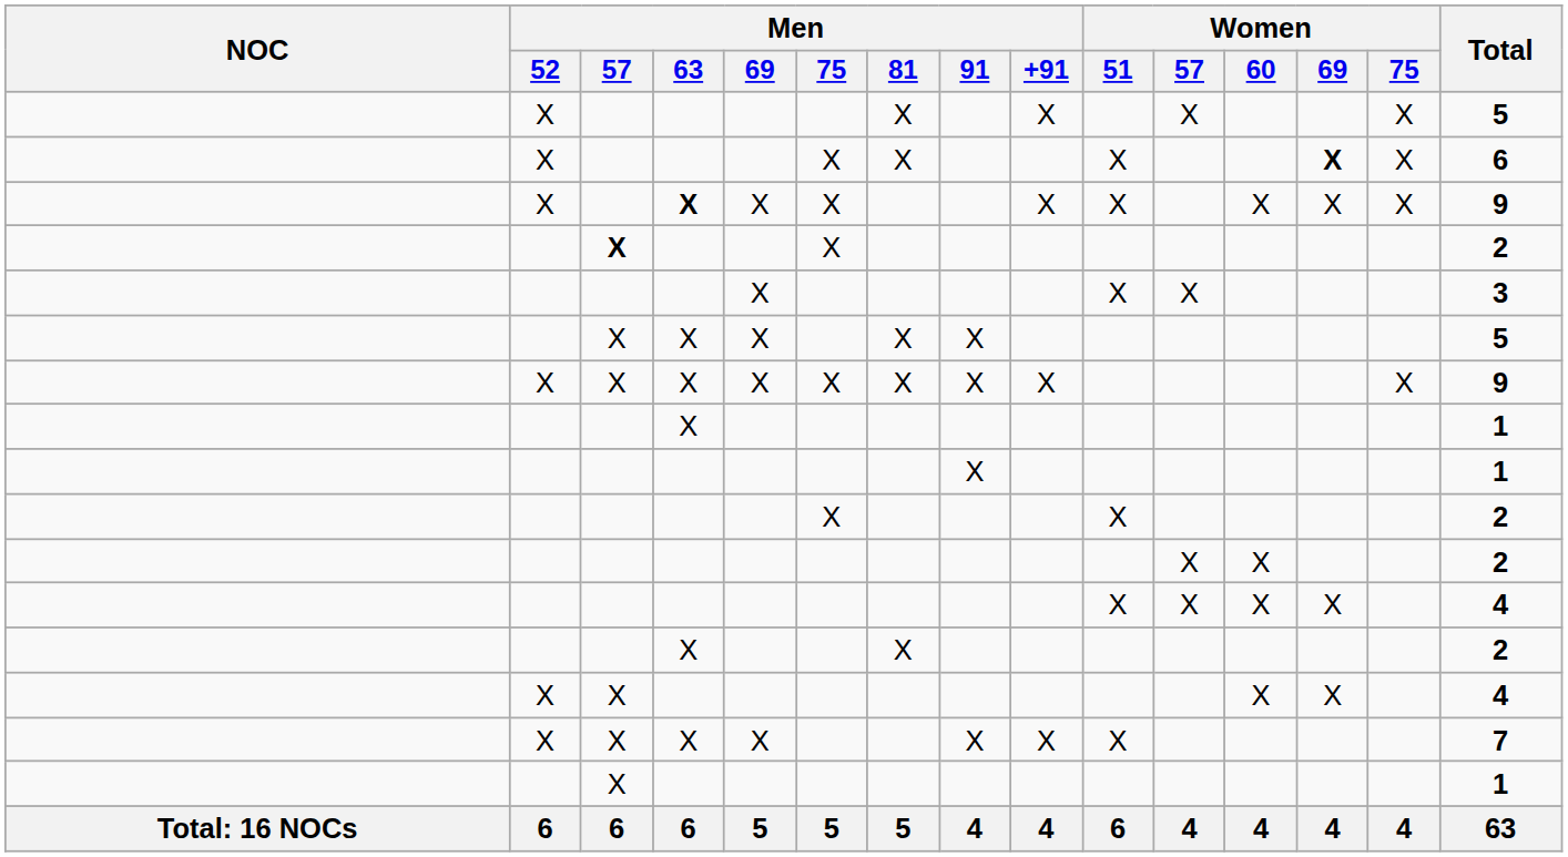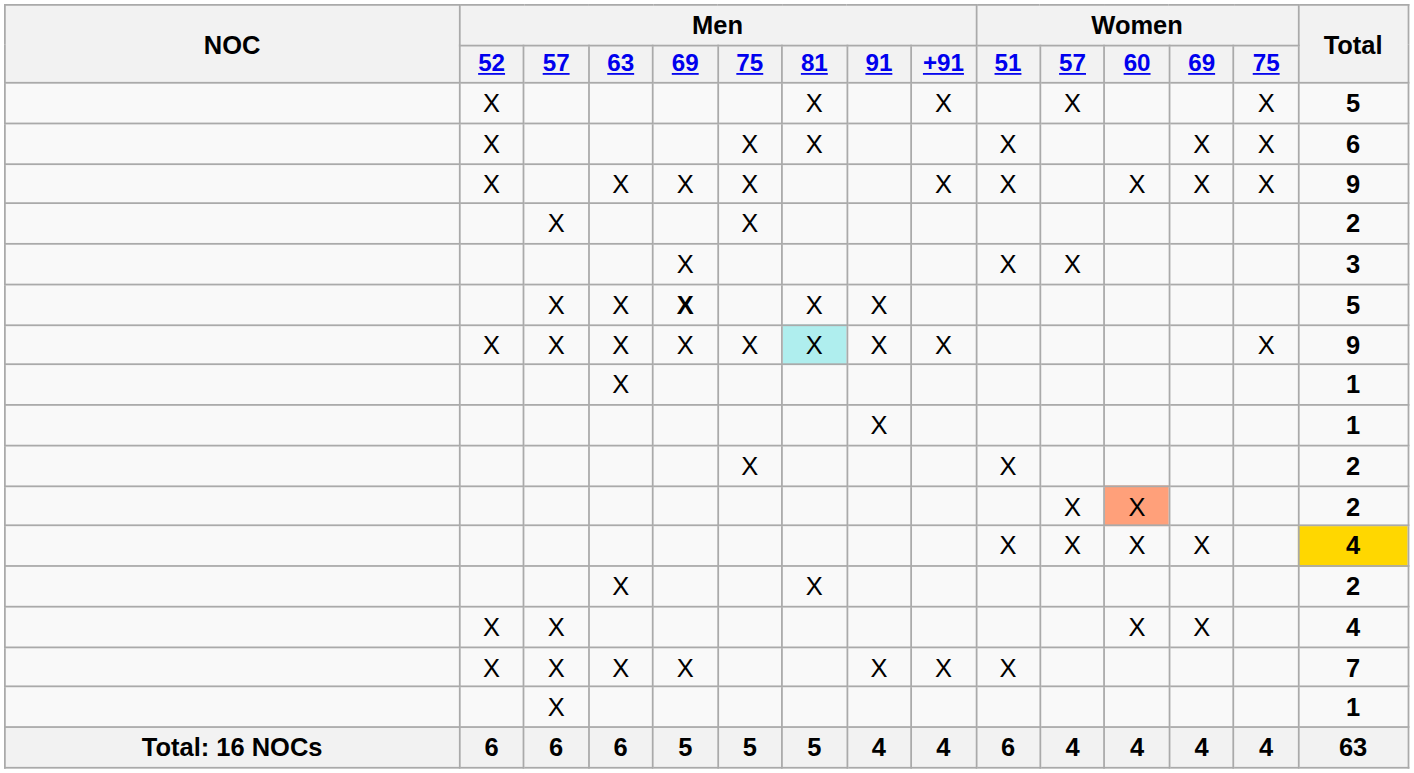 <table class="wikitable" style="text-align:center; font-size:90%">
 <tr>
 <th rowspan=2 width=250>NOC</th>
 <th colspan=8>Men</th>
 <th colspan=5>Women</th>
 <th rowspan=2 width=55>Total</th>
 </tr>
 <tr style="font-size: 95%">
 <th width=30><a href='#'>52</a></th>
 <th width=30><a href='#'>57</a></th>
 <th width=30><a href='#'>63</a></th>
 <th width=30><a href='#'>69</a></th>
 <th width=30><a href='#'>75</a></th>
 <th width=30><a href='#'>81</a></th>
 <th width=30><a href='#'>91</a></th>
 <th width=30><a href='#'>+91</a></th>
 <th width=30><a href='#'>51</a></th>
 <th width=30><a href='#'>57</a></th>
 <th width=30><a href='#'>60</a></th>
 <th width=30><a href='#'>69</a></th>
 <th width=30><a href='#'>75</a></th>
 </tr>
 <tr>
 <td align=left></td>
 <td>X</td>
 <td></td>
 <td></td>
 <td></td>
 <td></td>
 <td>X</td>
 <td></td>
 <td>X</td>
 <td></td>
 <td>X</td>
 <td></td>
 <td></td>
 <td>X</td>
 <td><strong>5</strong></td>
 </tr>
 <tr>
 <td align=left></td>
 <td>X</td>
 <td></td>
 <td></td>
 <td></td>
 <td>X</td>
 <td>X</td>
 <td></td>
 <td></td>
 <td>X</td>
 <td></td>
 <td></td>
-<td><strong>X</strong></td>
+<td>X</td>
 <td>X</td>
 <td><strong>6</strong></td>
 </tr>
 <tr>
 <td align=left></td>
 <td>X</td>
 <td></td>
-<td><strong>X</strong></td>
+<td>X</td>
 <td>X</td>
 <td>X</td>
 <td></td>
 <td></td>
 <td>X</td>
 <td>X</td>
 <td></td>
 <td>X</td>
 <td>X</td>
 <td>X</td>
 <td><strong>9</strong></td>
 </tr>
 <tr>
 <td align=left></td>
 <td></td>
-<td><strong>X</strong></td>
+<td>X</td>
 <td></td>
 <td></td>
 <td>X</td>
 <td></td>
 <td></td>
 <td></td>
 <td></td>
 <td></td>
 <td></td>
 <td></td>
 <td></td>
 <td><strong>2</strong></td>
 </tr>
 <tr>
 <td align=left></td>
 <td></td>
 <td></td>
 <td></td>
 <td>X</td>
 <td></td>
 <td></td>
 <td></td>
 <td></td>
 <td>X</td>
 <td>X</td>
 <td></td>
 <td></td>
 <td></td>
 <td><strong>3</strong></td>
 </tr>
 <tr>
 <td align=left></td>
 <td></td>
 <td>X</td>
 <td>X</td>
-<td>X</td>
+<td><strong>X</strong></td>
 <td></td>
 <td>X</td>
 <td>X</td>
 <td></td>
 <td></td>
 <td></td>
 <td></td>
 <td></td>
 <td></td>
 <td><strong>5</strong></td>
 </tr>
 <tr>
 <td align=left></td>
 <td>X</td>
 <td>X</td>
 <td>X</td>
 <td>X</td>
 <td>X</td>
-<td>X</td>
+<td style="background: paleturquoise;">X</td>
 <td>X</td>
 <td>X</td>
 <td></td>
 <td></td>
 <td></td>
 <td></td>
 <td>X</td>
 <td><strong>9</strong></td>
 </tr>
 <tr>
 <td align=left></td>
 <td></td>
 <td></td>
 <td>X</td>
 <td></td>
 <td></td>
 <td></td>
 <td></td>
 <td></td>
 <td></td>
 <td></td>
 <td></td>
 <td></td>
 <td></td>
 <td><strong>1</strong></td>
 </tr>
 <tr>
 <td align=left></td>
 <td></td>
 <td></td>
 <td></td>
 <td></td>
 <td></td>
 <td></td>
 <td>X</td>
 <td></td>
 <td></td>
 <td></td>
 <td></td>
 <td></td>
 <td></td>
 <td><strong>1</strong></td>
 </tr>
 <tr>
 <td align=left></td>
 <td></td>
 <td></td>
 <td></td>
 <td></td>
 <td>X</td>
 <td></td>
 <td></td>
 <td></td>
 <td>X</td>
 <td></td>
 <td></td>
 <td></td>
 <td></td>
 <td><strong>2</strong></td>
 </tr>
 <tr>
 <td align=left></td>
 <td></td>
 <td></td>
 <td></td>
 <td></td>
 <td></td>
 <td></td>
 <td></td>
 <td></td>
 <td></td>
 <td>X</td>
-<td>X</td>
+<td style="background: lightsalmon;">X</td>
 <td></td>
 <td></td>
 <td><strong>2</strong></td>
 </tr>
 <tr>
 <td align=left></td>
 <td></td>
 <td></td>
 <td></td>
 <td></td>
 <td></td>
 <td></td>
 <td></td>
 <td></td>
 <td>X</td>
 <td>X</td>
 <td>X</td>
 <td>X</td>
 <td></td>
-<td><strong>4</strong></td>
+<td style="background: gold;"><strong>4</strong></td>
 </tr>
 <tr>
 <td align=left></td>
 <td></td>
 <td></td>
 <td>X</td>
 <td></td>
 <td></td>
 <td>X</td>
 <td></td>
 <td></td>
 <td></td>
 <td></td>
 <td></td>
 <td></td>
 <td></td>
 <td><strong>2</strong></td>
 </tr>
 <tr>
 <td align=left></td>
 <td>X</td>
 <td>X</td>
 <td></td>
 <td></td>
 <td></td>
 <td></td>
 <td></td>
 <td></td>
 <td></td>
 <td></td>
 <td>X</td>
 <td>X</td>
 <td></td>
 <td><strong>4</strong></td>
 </tr>
 <tr>
 <td align=left></td>
 <td>X</td>
 <td>X</td>
 <td>X</td>
 <td>X</td>
 <td></td>
 <td></td>
 <td>X</td>
 <td>X</td>
 <td>X</td>
 <td></td>
 <td></td>
 <td></td>
 <td></td>
 <td><strong>7</strong></td>
 </tr>
 <tr>
 <td align=left></td>
 <td></td>
 <td>X</td>
 <td></td>
 <td></td>
 <td></td>
 <td></td>
 <td></td>
 <td></td>
 <td></td>
 <td></td>
 <td></td>
 <td></td>
 <td></td>
 <td><strong>1</strong></td>
 </tr>
 <tr>
 <th>Total:  16 NOCs</th>
 <th>6</th>
 <th>6</th>
 <th>6</th>
 <th>5</th>
 <th>5</th>
 <th>5</th>
 <th>4</th>
 <th>4</th>
 <th>6</th>
 <th>4</th>
 <th>4</th>
 <th>4</th>
 <th>4</th>
 <th>63</th>
 </tr>
 </table>
